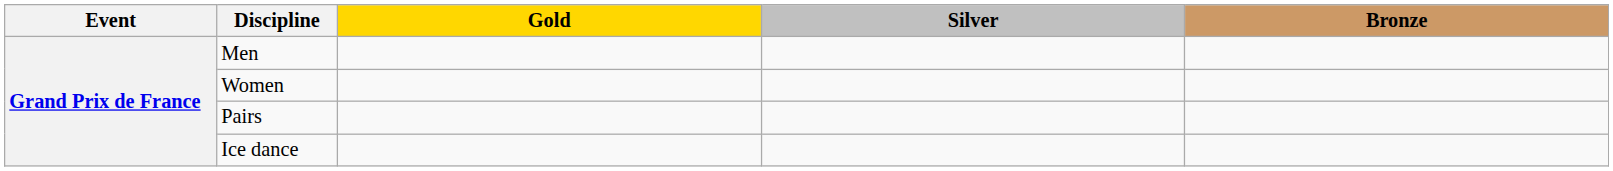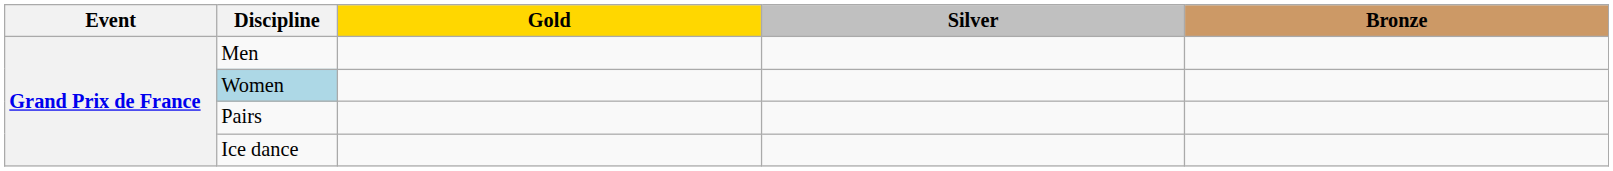 <table class="wikitable unsortable" style="text-align:left; width:100%;">
 <tr>
 <th scope="col" style="width:10%">Event</th>
 <th scope="col" style="width:5%">Discipline</th>
 <td scope="col" style="text-align:center; width:20%; background:gold"><strong>Gold</strong></td>
 <td scope="col" style="text-align:center; width:20%; background:silver"><strong>Silver</strong></td>
 <td scope="col" style="text-align:center; width:20%; background:#c96"><strong>Bronze</strong></td>
 </tr>
 <tr>
 <th scope="row" style="text-align:left" rowspan="4"> <a href='#'>Grand Prix de France</a></th>
 <td>Men</td>
 <td></td>
 <td></td>
 <td></td>
 </tr>
 <tr>
-<td>Women</td>
+<td style="background: lightblue;">Women</td>
 <td></td>
 <td></td>
 <td></td>
 </tr>
 <tr>
 <td>Pairs</td>
 <td></td>
 <td></td>
 <td></td>
 </tr>
 <tr>
 <td>Ice dance</td>
 <td></td>
 <td></td>
 <td></td>
 </tr>
 </table>
